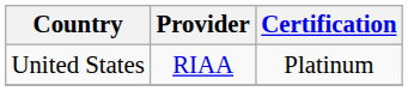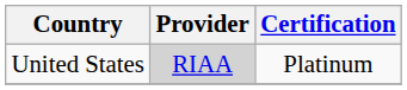 <table class="wikitable">
 <tr>
 <th>Country</th>
 <th>Provider</th>
 <th><a href='#'>Certification</a></th>
 </tr>
 <tr>
 <td>United States</td>
-<td style="text-align:center;"><a href='#'>RIAA</a></td>
+<td style="background: lightgrey; text-align:center;"><a href='#'>RIAA</a></td>
 <td style="text-align:center;">Platinum</td>
 </tr>
 <tr>
 </tr>
 </table>
